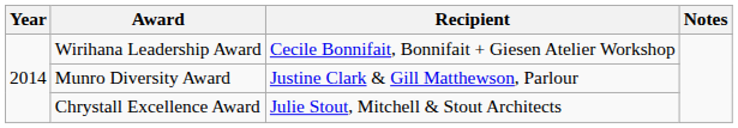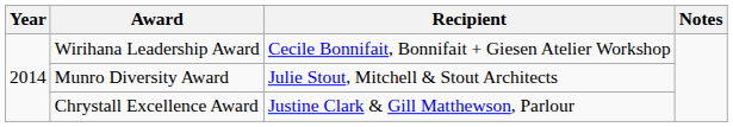 <table class="wikitable">
 <tr>
 <th>Year</th>
 <th>Award</th>
 <th>Recipient</th>
 <th>Notes</th>
 </tr>
 <tr>
 <td rowspan="3">2014</td>
 <td>Wirihana Leadership Award</td>
 <td><a href='#'>Cecile Bonnifait</a>, Bonnifait + Giesen Atelier Workshop</td>
 <td rowspan="3"></td>
 </tr>
 <tr>
 <td>Munro Diversity Award</td>
-<td><a href='#'>Justine Clark</a> & <a href='#'>Gill Matthewson</a>, Parlour</td>
+<td><a href='#'>Julie Stout</a>, Mitchell & Stout Architects</td>
 </tr>
 <tr>
 <td>Chrystall Excellence Award</td>
-<td><a href='#'>Julie Stout</a>, Mitchell & Stout Architects</td>
+<td><a href='#'>Justine Clark</a> & <a href='#'>Gill Matthewson</a>, Parlour</td>
 </tr>
 </table>
